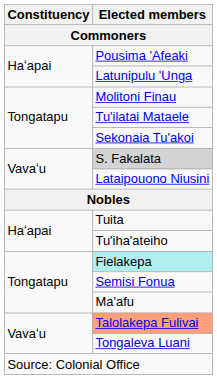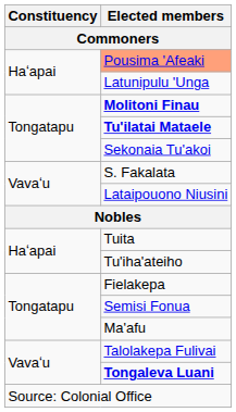 <table class=wikitable>
 <tr>
 <th>Constituency</th>
 <th>Elected members</th>
 </tr>
 <tr>
 <th colspan=3>Commoners</th>
 </tr>
 <tr>
 <td rowspan=2>Haʻapai</td>
-<td><a href='#'>Pousima 'Afeaki</a></td>
+<td style="background: lightsalmon;"><a href='#'>Pousima 'Afeaki</a></td>
 </tr>
 <tr>
 <td><a href='#'>Latunipulu 'Unga</a></td>
 </tr>
 <tr>
 <td rowspan=3>Tongatapu</td>
-<td><a href='#'>Molitoni Finau</a></td>
+<td><strong><a href='#'>Molitoni Finau</a></strong></td>
 </tr>
 <tr>
-<td><a href='#'>Tu'ilatai Mataele</a></td>
+<td><strong><a href='#'>Tu'ilatai Mataele</a></strong></td>
 </tr>
 <tr>
 <td><a href='#'>Sekonaia Tu'akoi</a></td>
 </tr>
 <tr>
 <td rowspan=2>Vavaʻu</td>
-<td style="background: lightgrey;">S. Fakalata</td>
+<td>S. Fakalata</td>
 </tr>
 <tr>
 <td><a href='#'>Lataipouono Niusini</a></td>
 </tr>
 <tr>
 <th colspan=3>Nobles</th>
 </tr>
 <tr>
 <td rowspan=2>Haʻapai</td>
 <td>Tuita</td>
 </tr>
 <tr>
 <td>Tu'iha'ateiho</td>
 </tr>
 <tr>
 <td rowspan=3>Tongatapu</td>
-<td style="background: paleturquoise;">Fielakepa</td>
+<td>Fielakepa</td>
 </tr>
 <tr>
 <td><a href='#'>Semisi Fonua</a></td>
 </tr>
 <tr>
 <td>Ma'afu</td>
 </tr>
 <tr>
 <td rowspan=2>Vavaʻu</td>
-<td style="background: lightsalmon;"><a href='#'>Talolakepa Fulivai</a></td>
+<td><a href='#'>Talolakepa Fulivai</a></td>
 </tr>
 <tr>
-<td><a href='#'>Tongaleva Luani</a></td>
+<td><strong><a href='#'>Tongaleva Luani</a></strong></td>
 </tr>
 <tr>
 <td colspan=3>Source: Colonial Office</td>
 </tr>
 </table>
